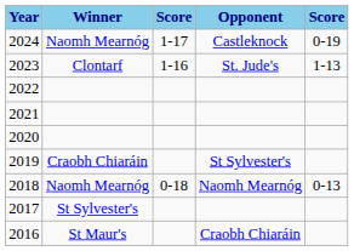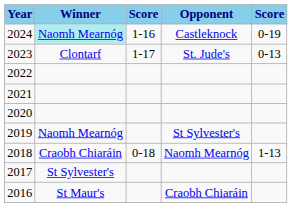 <table class="wikitable" style="text-align:center;">
 <tr>
 <th style="background:skyblue;color:navy;">Year</th>
 <th style="background:skyblue;color:navy;">Winner</th>
 <th style="background:skyblue;color:navy;">Score</th>
 <th style="background:skyblue;color:navy;">Opponent</th>
 <th style="background:skyblue;color:navy;">Score</th>
 </tr>
 <tr>
 <td>2024</td>
-<td><a href='#'>Naomh Mearnóg</a></td>
-<td>1-17</td>
+<td style="background: paleturquoise;"><a href='#'>Naomh Mearnóg</a></td>
+<td>1-16</td>
 <td><a href='#'>Castleknock</a></td>
 <td>0-19</td>
 </tr>
 <tr>
 <td>2023</td>
 <td><a href='#'>Clontarf</a></td>
-<td>1-16</td>
+<td>1-17</td>
 <td><a href='#'>St. Jude's</a></td>
-<td>1-13</td>
+<td>0-13</td>
 </tr>
 <tr>
 <td>2022</td>
 <td></td>
 <td></td>
 <td></td>
 <td></td>
 </tr>
 <tr>
 <td>2021</td>
 <td></td>
 <td></td>
 <td></td>
 <td></td>
 </tr>
 <tr>
 <td>2020</td>
 <td></td>
 <td></td>
 <td></td>
 <td></td>
 </tr>
 <tr>
 <td>2019</td>
-<td><a href='#'>Craobh Chiaráin</a></td>
+<td><a href='#'>Naomh Mearnóg</a></td>
 <td></td>
 <td><a href='#'>St Sylvester's</a></td>
 <td></td>
 </tr>
 <tr>
 <td>2018</td>
-<td><a href='#'>Naomh Mearnóg</a></td>
+<td><a href='#'>Craobh Chiaráin</a></td>
 <td>0-18</td>
 <td><a href='#'>Naomh Mearnóg</a></td>
-<td>0-13</td>
+<td>1-13</td>
 </tr>
 <tr>
 <td>2017</td>
 <td><a href='#'>St Sylvester's</a></td>
 <td></td>
 <td></td>
 <td></td>
 </tr>
 <tr>
 <td>2016</td>
 <td><a href='#'>St Maur's</a></td>
 <td></td>
 <td><a href='#'>Craobh Chiaráin</a></td>
 <td></td>
 </tr>
 </table>
